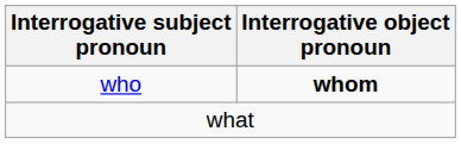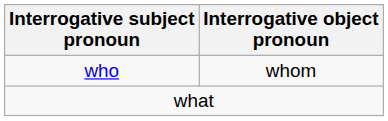 <table class="wikitable">
 <tr>
 <th>Interrogative subject <br>pronoun</th>
 <th>Interrogative object <br>pronoun</th>
 </tr>
 <tr align=center>
 <td><a href='#'>who</a></td>
-<td><strong>whom</strong></td>
+<td>whom</td>
 </tr>
 <tr align=center>
 <td colspan=2>what</td>
 </tr>
 </table>
